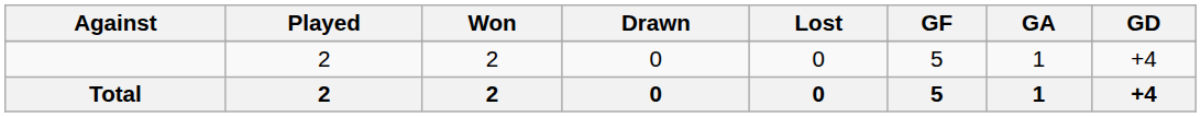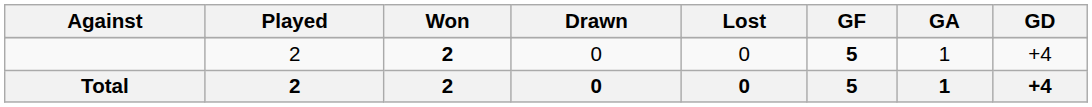 <table class="sortable wikitable" style="width:60%; font-size:90%; text-align:center;">
 <tr>
 <th>Against</th>
 <th>Played</th>
 <th>Won</th>
 <th>Drawn</th>
 <th>Lost</th>
 <th>GF</th>
 <th>GA</th>
 <th>GD</th>
 </tr>
 <tr bgcolor="#d0ffd0" align="center">
 </tr>
 <tr>
 <td align=left><em></em></td>
 <td>2</td>
-<td>2</td>
+<td><strong>2</strong></td>
 <td>0</td>
 <td>0</td>
-<td>5</td>
+<td><strong>5</strong></td>
 <td>1</td>
 <td>+4</td>
 </tr>
 <tr class="sortbottom">
 <th>Total</th>
 <th>2</th>
 <th>2</th>
 <th>0</th>
 <th>0</th>
 <th>5</th>
 <th>1</th>
 <th>+4</th>
 </tr>
 </table>
